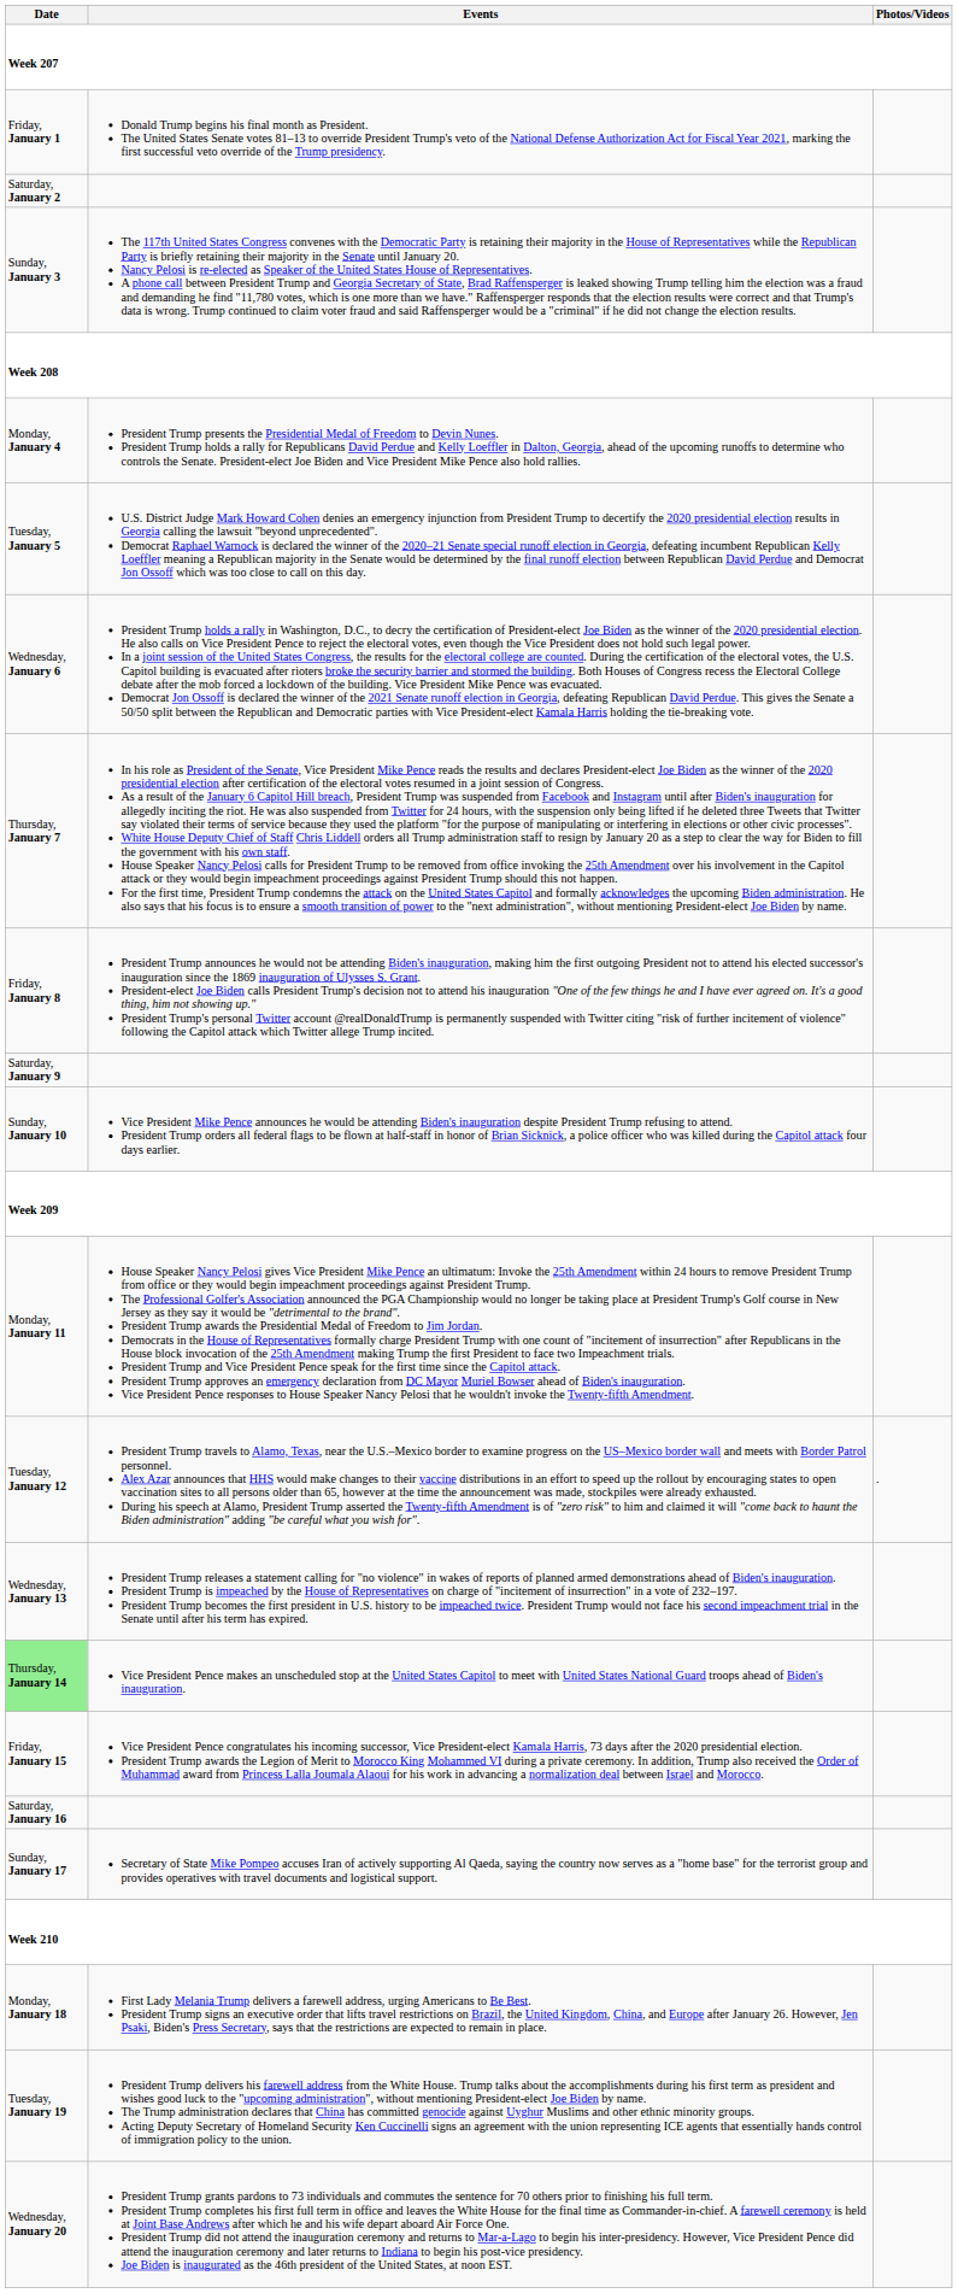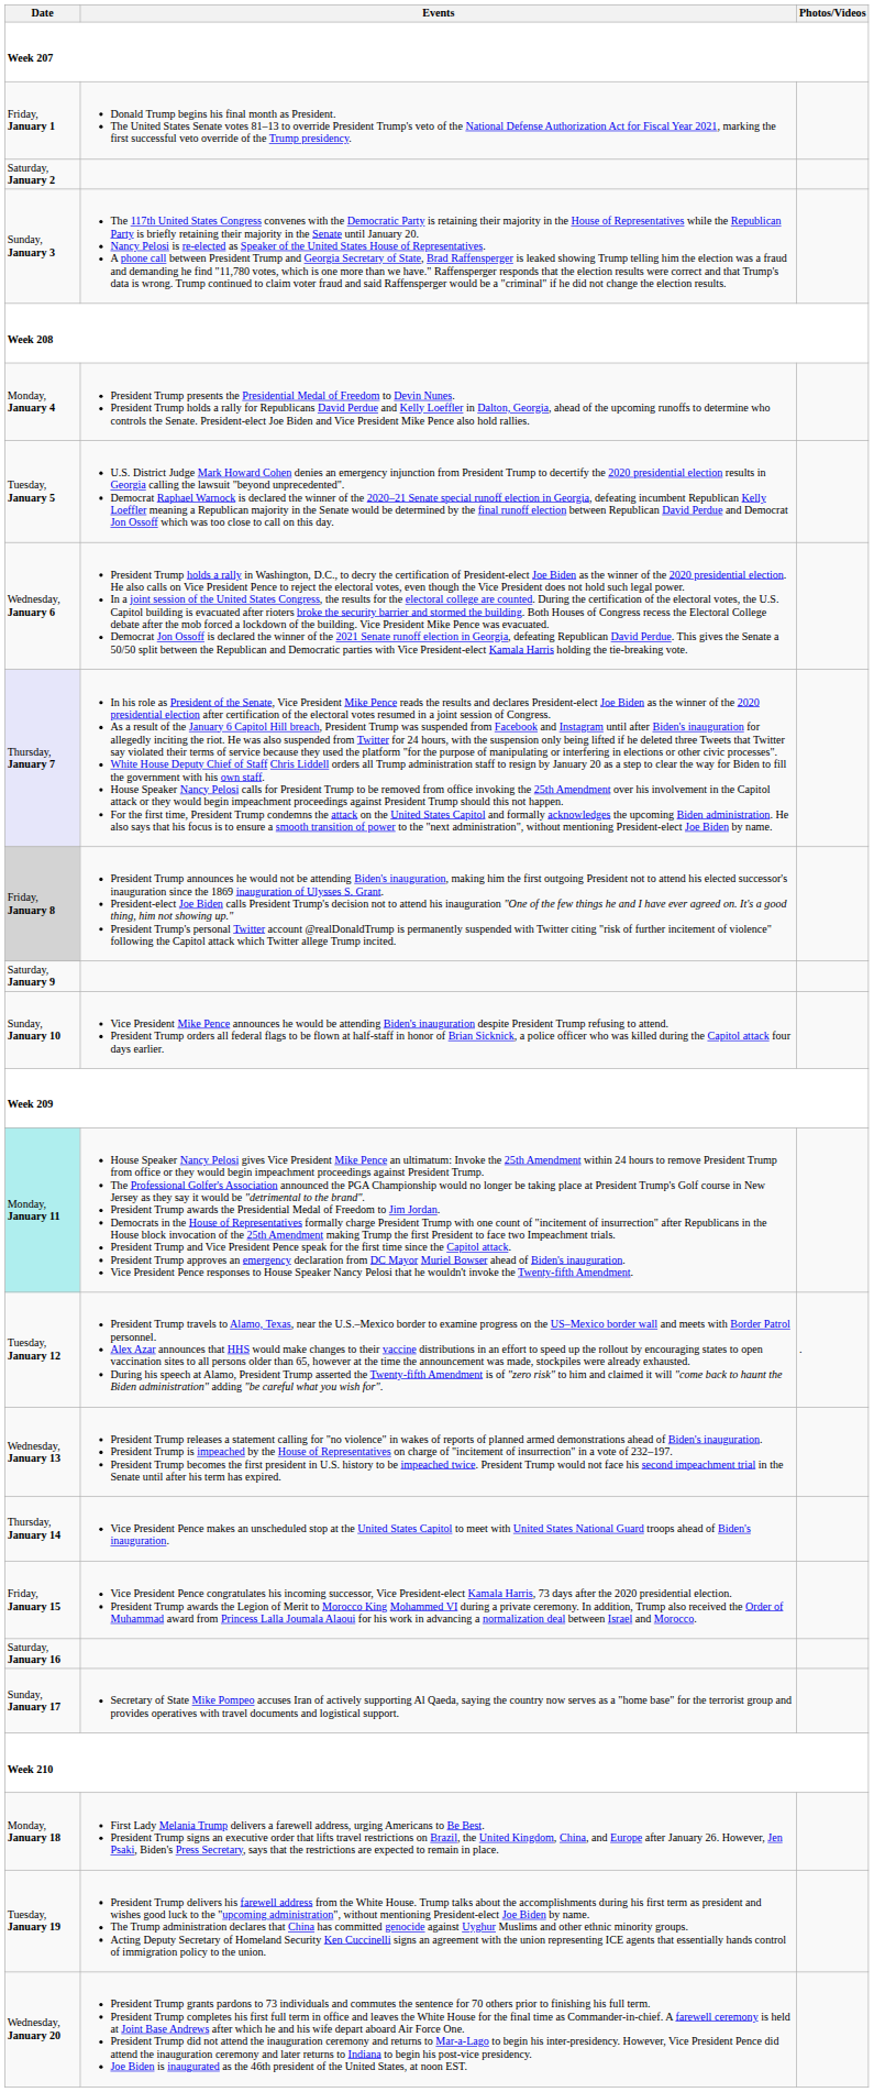 <table class="wikitable">
 <tr>
 <th>Date</th>
 <th>Events</th>
 <th>Photos/Videos</th>
 </tr>
 <tr style="background:white;">
 <td colspan="3"><br><h4>Week 207</h4></td>
 </tr>
 <tr>
 <td>Friday, <strong>January 1</strong></td>
 <td><br><ul><li>Donald Trump begins his final month as President.</li><li>The United States Senate votes 81–13 to override President Trump's veto of the <a href='#'>National Defense Authorization Act for Fiscal Year 2021</a>, marking the first successful veto override of the <a href='#'>Trump presidency</a>.</li></ul></td>
 <td></td>
 </tr>
 <tr>
 <td>Saturday, <strong>January 2</strong></td>
 <td></td>
 <td></td>
 </tr>
 <tr>
 <td>Sunday, <strong>January 3</strong></td>
 <td><br><ul><li>The <a href='#'>117th United States Congress</a> convenes with the <a href='#'>Democratic Party</a> is retaining their majority in the <a href='#'>House of Representatives</a> while the <a href='#'>Republican Party</a> is briefly retaining their majority in the <a href='#'>Senate</a> until January 20.</li><li><a href='#'>Nancy Pelosi</a> is <a href='#'>re-elected</a> as <a href='#'>Speaker of the United States House of Representatives</a>.</li><li>A <a href='#'>phone call</a> between President Trump and <a href='#'>Georgia Secretary of State</a>, <a href='#'>Brad Raffensperger</a> is leaked showing Trump telling him the election was a fraud and demanding he find "11,780 votes, which is one more than we have." Raffensperger responds that the election results were correct and that Trump's data is wrong. Trump continued to claim voter fraud and said Raffensperger would be a "criminal" if he did not change the election results.</li></ul></td>
 <td></td>
 </tr>
 <tr style="background:white;">
 <td colspan="3"><br><h4>Week 208</h4></td>
 </tr>
 <tr>
 <td>Monday, <strong>January 4</strong></td>
 <td><br><ul><li>President Trump presents the <a href='#'>Presidential Medal of Freedom</a> to <a href='#'>Devin Nunes</a>.</li><li>President Trump holds a rally for Republicans <a href='#'>David Perdue</a> and <a href='#'>Kelly Loeffler</a> in <a href='#'>Dalton, Georgia</a>, ahead of the upcoming runoffs to determine who controls the Senate. President-elect Joe Biden and Vice President Mike Pence also hold rallies.</li></ul></td>
 <td></td>
 </tr>
 <tr>
 <td>Tuesday, <strong>January 5</strong></td>
 <td><br><ul><li>U.S. District Judge <a href='#'>Mark Howard Cohen</a> denies an emergency injunction from President Trump to decertify the <a href='#'>2020 presidential election</a> results in <a href='#'>Georgia</a> calling the lawsuit "beyond unprecedented".</li><li>Democrat <a href='#'>Raphael Warnock</a> is declared the winner of the <a href='#'>2020–21 Senate special runoff election in Georgia</a>, defeating incumbent Republican <a href='#'>Kelly Loeffler</a> meaning a Republican majority in the Senate would be determined by the <a href='#'>final runoff election</a> between Republican <a href='#'>David Perdue</a> and Democrat <a href='#'>Jon Ossoff</a> which was too close to call on this day.</li></ul></td>
 <td></td>
 </tr>
 <tr>
 <td>Wednesday, <strong>January 6</strong></td>
 <td><br><ul><li>President Trump <a href='#'>holds a rally</a> in Washington, D.C., to decry the certification of President-elect <a href='#'>Joe Biden</a> as the winner of the <a href='#'>2020 presidential election</a>. He also calls on Vice President Pence to reject the electoral votes, even though the Vice President does not hold such legal power.</li><li>In a <a href='#'>joint session of the United States Congress</a>, the results for the <a href='#'>electoral college are counted</a>. During the certification of the electoral votes, the U.S. Capitol building is evacuated after rioters <a href='#'>broke the security barrier and stormed the building</a>. Both Houses of Congress recess the Electoral College debate after the mob forced a lockdown of the building. Vice President Mike Pence was evacuated.</li><li>Democrat <a href='#'>Jon Ossoff</a> is declared the winner of the <a href='#'>2021 Senate runoff election in Georgia</a>, defeating Republican <a href='#'>David Perdue</a>. This gives the Senate a 50/50 split between the Republican and Democratic parties with Vice President-elect <a href='#'>Kamala Harris</a> holding the tie-breaking vote.</li></ul></td>
 <td><br></td>
 </tr>
 <tr>
-<td>Thursday, <strong>January 7</strong></td>
+<td style="background: lavender;">Thursday, <strong>January 7</strong></td>
 <td><br><ul><li>In his role as <a href='#'>President of the Senate</a>, Vice President <a href='#'>Mike Pence</a> reads the results and declares President-elect <a href='#'>Joe Biden</a> as the winner of the <a href='#'>2020 presidential election</a> after certification of the electoral votes resumed in a joint session of Congress.</li><li>As a result of the <a href='#'>January 6 Capitol Hill breach</a>, President Trump was suspended from <a href='#'>Facebook</a> and <a href='#'>Instagram</a> until after <a href='#'>Biden's inauguration</a> for allegedly inciting the riot. He was also suspended from <a href='#'>Twitter</a> for 24 hours, with the suspension only being lifted if he deleted three Tweets that Twitter say violated their terms of service because they used the platform "for the purpose of manipulating or interfering in elections or other civic processes".</li><li><a href='#'>White House Deputy Chief of Staff</a> <a href='#'>Chris Liddell</a> orders all Trump administration staff to resign by January 20 as a step to clear the way for Biden to fill the government with his <a href='#'>own staff</a>.</li><li>House Speaker <a href='#'>Nancy Pelosi</a> calls for President Trump to be removed from office invoking the <a href='#'>25th Amendment</a> over his involvement in the Capitol attack or they would begin impeachment proceedings against President Trump should this not happen.</li><li>For the first time, President Trump condemns the <a href='#'>attack</a> on the <a href='#'>United States Capitol</a> and formally <a href='#'>acknowledges</a> the upcoming <a href='#'>Biden administration</a>. He also says that his focus is to ensure a <a href='#'>smooth transition of power</a> to the "next administration", without mentioning President-elect <a href='#'>Joe Biden</a> by name.</li></ul></td>
 <td></td>
 </tr>
 <tr>
-<td>Friday, <strong>January 8</strong></td>
+<td style="background: lightgrey;">Friday, <strong>January 8</strong></td>
 <td><br><ul><li>President Trump announces he would not be attending <a href='#'>Biden's inauguration</a>, making him the first outgoing President not to attend his elected successor's inauguration since the 1869 <a href='#'>inauguration of Ulysses S. Grant</a>.</li><li>President-elect <a href='#'>Joe Biden</a> calls President Trump's decision not to attend his inauguration <em>"One of the few things he and I have ever agreed on. It's a good thing, him not showing up."</em></li><li>President Trump's personal <a href='#'>Twitter</a> account @realDonaldTrump is permanently suspended with Twitter citing "risk of further incitement of violence" following the Capitol attack which Twitter allege Trump incited.</li></ul></td>
 <td></td>
 </tr>
 <tr>
 <td>Saturday, <strong>January 9</strong></td>
 <td></td>
 <td></td>
 </tr>
 <tr>
 <td>Sunday, <strong>January 10</strong></td>
 <td><br><ul><li>Vice President <a href='#'>Mike Pence</a> announces he would be attending <a href='#'>Biden's inauguration</a> despite President Trump refusing to attend.</li><li>President Trump orders all federal flags to be flown at half-staff in honor of <a href='#'>Brian Sicknick</a>, a police officer who was killed during the <a href='#'>Capitol attack</a> four days earlier.</li></ul></td>
 <td></td>
 </tr>
 <tr style="background:white;">
 <td colspan="3"><br><h4>Week 209</h4></td>
 </tr>
 <tr>
-<td>Monday, <strong>January 11</strong></td>
+<td style="background: paleturquoise;">Monday, <strong>January 11</strong></td>
 <td><br><ul><li>House Speaker <a href='#'>Nancy Pelosi</a> gives Vice President <a href='#'>Mike Pence</a> an ultimatum: Invoke the <a href='#'>25th Amendment</a> within 24 hours to remove President Trump from office or they would begin impeachment proceedings against President Trump.</li><li>The <a href='#'>Professional Golfer's Association</a> announced the PGA Championship would no longer be taking place at President Trump's Golf course in New Jersey as they say it would be <em>"detrimental to the brand".</em></li><li>President Trump awards the Presidential Medal of Freedom to <a href='#'>Jim Jordan</a>.</li><li>Democrats in the <a href='#'>House of Representatives</a> formally charge President Trump with one count of "incitement of insurrection" after Republicans in the House block invocation of the <a href='#'>25th Amendment</a> making Trump the first President to face two Impeachment trials.</li><li>President Trump and Vice President Pence speak for the first time since the <a href='#'>Capitol attack</a>.</li><li>President Trump approves an <a href='#'>emergency</a> declaration from <a href='#'>DC Mayor</a> <a href='#'>Muriel Bowser</a> ahead of <a href='#'>Biden's inauguration</a>.</li><li>Vice President Pence responses to House Speaker Nancy Pelosi that he wouldn't invoke the <a href='#'>Twenty-fifth Amendment</a>.</li></ul></td>
 <td></td>
 </tr>
 <tr>
 <td>Tuesday, <strong>January 12</strong></td>
 <td><br><ul><li>President Trump travels to <a href='#'>Alamo, Texas</a>, near the U.S.–Mexico border to examine progress on the <a href='#'>US–Mexico border wall</a> and meets with <a href='#'>Border Patrol</a> personnel.</li><li><a href='#'>Alex Azar</a> announces that <a href='#'>HHS</a> would make changes to their <a href='#'>vaccine</a> distributions in an effort to speed up the rollout by encouraging states to open vaccination sites to all persons older than 65, however at the time the announcement was made, stockpiles were already exhausted.</li><li>During his speech at Alamo, President Trump asserted the <a href='#'>Twenty-fifth Amendment</a> is of <em>"zero risk"</em> to him and claimed it will <em>"come back to haunt the Biden administration"</em> adding <em>"be careful what you wish for"</em>.</li></ul></td>
 <td>.<br></td>
 </tr>
 <tr>
 <td>Wednesday, <strong>January 13</strong></td>
 <td><br><ul><li>President Trump releases a statement calling for "no violence" in wakes of reports of planned armed demonstrations ahead of <a href='#'>Biden's inauguration</a>.</li><li>President Trump is <a href='#'>impeached</a> by the <a href='#'>House of Representatives</a> on charge of "incitement of insurrection" in a vote of 232–197.</li><li>President Trump becomes the first president in U.S. history to be <a href='#'>impeached twice</a>. President Trump would not face his <a href='#'>second impeachment trial</a> in the Senate until after his term has expired.</li></ul></td>
 <td><br></td>
 </tr>
 <tr>
-<td style="background: lightgreen;">Thursday, <strong>January 14</strong></td>
+<td>Thursday, <strong>January 14</strong></td>
 <td><br><ul><li>Vice President Pence makes an unscheduled stop at the <a href='#'>United States Capitol</a> to meet with <a href='#'>United States National Guard</a> troops ahead of <a href='#'>Biden's inauguration</a>.</li></ul></td>
 <td></td>
 </tr>
 <tr>
 <td>Friday, <strong>January 15</strong></td>
 <td><br><ul><li>Vice President Pence congratulates his incoming successor, Vice President-elect <a href='#'>Kamala Harris</a>, 73 days after the 2020 presidential election.</li><li>President Trump awards the Legion of Merit to <a href='#'>Morocco King</a> <a href='#'>Mohammed VI</a> during a private ceremony. In addition, Trump also received the <a href='#'>Order of Muhammad</a> award from <a href='#'>Princess Lalla Joumala Alaoui</a> for his work in advancing a <a href='#'>normalization deal</a> between <a href='#'>Israel</a> and <a href='#'>Morocco</a>.</li></ul></td>
 <td></td>
 </tr>
 <tr>
 <td>Saturday, <strong>January 16</strong></td>
 <td></td>
 <td></td>
 </tr>
 <tr>
 <td>Sunday, <strong>January 17</strong></td>
 <td><br><ul><li>Secretary of State <a href='#'>Mike Pompeo</a> accuses Iran of actively supporting Al Qaeda, saying the country now serves as a "home base" for the terrorist group and provides operatives with travel documents and logistical support.</li></ul></td>
 <td></td>
 </tr>
 <tr style="background:white;">
 <td colspan="3"><br><h4>Week 210</h4></td>
 </tr>
 <tr>
 <td>Monday, <strong>January 18</strong></td>
 <td><br><ul><li>First Lady <a href='#'>Melania Trump</a> delivers a farewell address, urging Americans to <a href='#'>Be Best</a>.</li><li>President Trump signs an executive order that lifts travel restrictions on <a href='#'>Brazil</a>, the <a href='#'>United Kingdom</a>, <a href='#'>China</a>, and <a href='#'>Europe</a> after January 26. However, <a href='#'>Jen Psaki</a>, Biden's <a href='#'>Press Secretary</a>, says that the restrictions are expected to remain in place.</li></ul></td>
 <td></td>
 </tr>
 <tr>
 <td>Tuesday, <strong>January 19</strong></td>
 <td><br><ul><li>President Trump delivers his <a href='#'>farewell address</a> from the White House. Trump talks about the accomplishments during his first term as president and wishes good luck to the "<a href='#'>upcoming administration</a>", without mentioning President-elect <a href='#'>Joe Biden</a> by name.</li><li>The Trump administration declares that <a href='#'>China</a> has committed <a href='#'>genocide</a> against <a href='#'>Uyghur</a> Muslims and other ethnic minority groups.</li><li>Acting Deputy Secretary of Homeland Security <a href='#'>Ken Cuccinelli</a> signs an agreement with the union representing ICE agents that essentially hands control of immigration policy to the union.</li></ul></td>
 <td></td>
 </tr>
 <tr>
 <td>Wednesday, <strong>January 20</strong></td>
 <td><br><ul><li>President Trump grants pardons to 73 individuals and commutes the sentence for 70 others prior to finishing his full term.</li><li>President Trump completes his first full term in office and leaves the White House for the final time as Commander-in-chief. A <a href='#'>farewell ceremony</a> is held at <a href='#'>Joint Base Andrews</a> after which he and his wife depart aboard Air Force One.</li><li>President Trump did not attend the inauguration ceremony and returns to <a href='#'>Mar-a-Lago</a> to begin his inter-presidency. However, Vice President Pence did attend the inauguration ceremony and later returns to <a href='#'>Indiana</a> to begin his post-vice presidency.</li><li><a href='#'>Joe Biden</a> is <a href='#'>inaugurated</a> as the 46th president of the United States, at noon EST.</li></ul></td>
 <td></td>
 </tr>
 </table>
